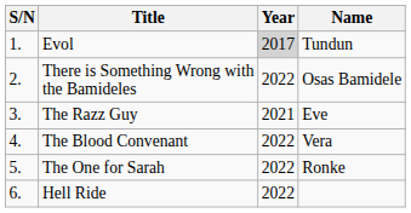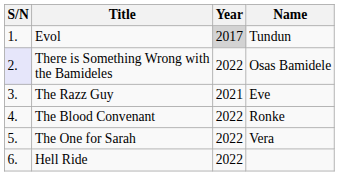 <table class="wikitable">
 <tr>
 <th>S/N</th>
 <th>Title</th>
 <th>Year</th>
 <th>Name</th>
 </tr>
 <tr>
 <td>1.</td>
 <td>Evol</td>
 <td style="background: lightgrey;">2017</td>
 <td>Tundun</td>
 </tr>
 <tr>
-<td>2.</td>
+<td style="background: lavender;">2.</td>
 <td>There is Something Wrong with<br>the Bamideles</td>
 <td>2022</td>
 <td>Osas Bamidele</td>
 </tr>
 <tr>
 <td>3.</td>
 <td>The Razz Guy</td>
 <td>2021</td>
 <td>Eve</td>
 </tr>
 <tr>
 <td>4.</td>
 <td>The Blood Convenant</td>
 <td>2022</td>
-<td>Vera</td>
+<td>Ronke</td>
 </tr>
 <tr>
 <td>5.</td>
 <td>The One for Sarah</td>
 <td>2022</td>
-<td>Ronke</td>
+<td>Vera</td>
 </tr>
 <tr>
 <td>6.</td>
 <td>Hell Ride</td>
 <td>2022</td>
 </tr>
 </table>
